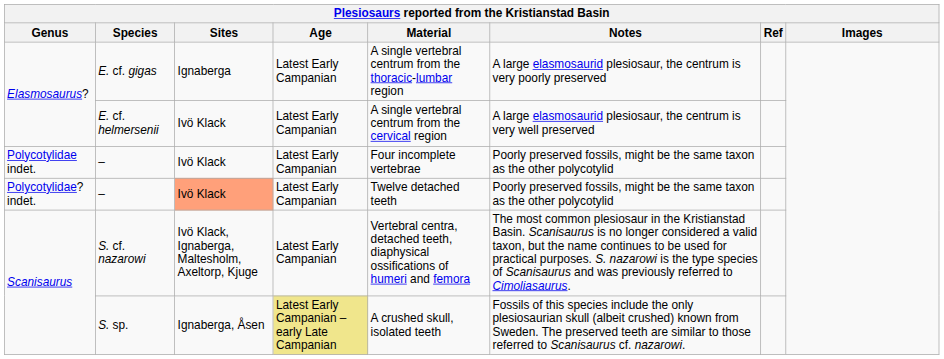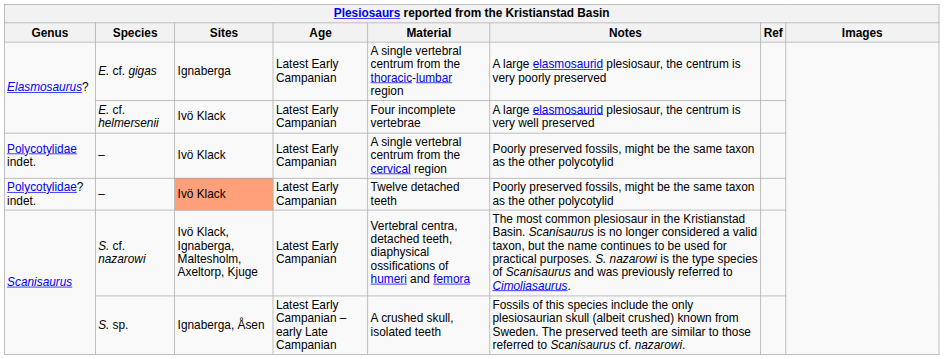 <table class="wikitable sortable mw-collapsible" style="width:100%">
 <tr>
 <th colspan="8" style="text-align:center;"><strong><a href='#'>Plesiosaurs</a> reported from the Kristianstad Basin</strong></th>
 </tr>
 <tr>
 <th>Genus</th>
 <th width="100px">Species</th>
 <th>Sites</th>
 <th>Age</th>
 <th>Material</th>
 <th>Notes</th>
 <th>Ref</th>
 <th width="200px">Images</th>
 </tr>
 <tr>
 <td rowspan="2"><em><a href='#'>Elasmosaurus</a></em>?</td>
 <td><em>E.</em> cf. <em>gigas</em></td>
 <td>Ignaberga</td>
 <td>Latest Early Campanian</td>
 <td>A single vertebral centrum from the <a href='#'>thoracic</a>-<a href='#'>lumbar</a> region</td>
 <td>A large <a href='#'>elasmosaurid</a> plesiosaur, the centrum is very poorly preserved</td>
 <td></td>
 <td rowspan="6"><br> </td>
 </tr>
 <tr>
 <td><em>E.</em> cf. <em>helmersenii</em></td>
 <td>Ivö Klack</td>
 <td>Latest Early Campanian</td>
-<td>A single vertebral centrum from the <a href='#'>cervical</a> region</td>
+<td>Four incomplete vertebrae</td>
 <td>A large <a href='#'>elasmosaurid</a> plesiosaur, the centrum is very well preserved</td>
 <td></td>
 </tr>
 <tr>
 <td><a href='#'>Polycotylidae</a> indet.</td>
 <td>–</td>
 <td>Ivö Klack</td>
 <td>Latest Early Campanian</td>
-<td>Four incomplete vertebrae</td>
+<td>A single vertebral centrum from the <a href='#'>cervical</a> region</td>
 <td>Poorly preserved fossils, might be the same taxon as the other polycotylid</td>
 <td></td>
 </tr>
 <tr>
 <td><a href='#'>Polycotylidae</a>? indet.</td>
 <td>–</td>
 <td style="background: lightsalmon;">Ivö Klack</td>
 <td>Latest Early Campanian</td>
 <td>Twelve detached teeth</td>
 <td>Poorly preserved fossils, might be the same taxon as the other polycotylid</td>
 <td></td>
 </tr>
 <tr>
 <td rowspan="2"><em><a href='#'>Scanisaurus</a></em></td>
 <td><em>S.</em> cf. <em>nazarowi</em></td>
 <td>Ivö Klack, Ignaberga, Maltesholm, Axeltorp, Kjuge</td>
 <td>Latest Early Campanian</td>
 <td>Vertebral centra, detached teeth, diaphysical ossifications of <a href='#'>humeri</a> and <a href='#'>femora</a></td>
 <td>The most common plesiosaur in the Kristianstad Basin. <em>Scanisaurus</em> is no longer considered a valid taxon, but the name continues to be used for practical purposes. <em>S. nazarowi</em> is the type species of <em>Scanisaurus</em> and was previously referred to <em><a href='#'>Cimoliasaurus</a></em>.</td>
 <td></td>
 </tr>
 <tr>
 <td><em>S.</em> sp.</td>
 <td>Ignaberga, Åsen</td>
-<td style="background: khaki;">Latest Early Campanian – early Late Campanian</td>
+<td>Latest Early Campanian – early Late Campanian</td>
 <td>A crushed skull, isolated teeth</td>
 <td>Fossils of this species include the only plesiosaurian skull (albeit crushed) known from Sweden. The preserved teeth are similar to those referred to <em>Scanisaurus</em> cf. <em>nazarowi</em>.</td>
 <td></td>
 </tr>
 </table>
